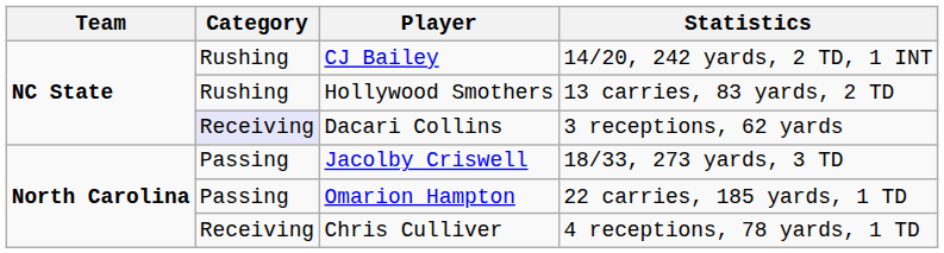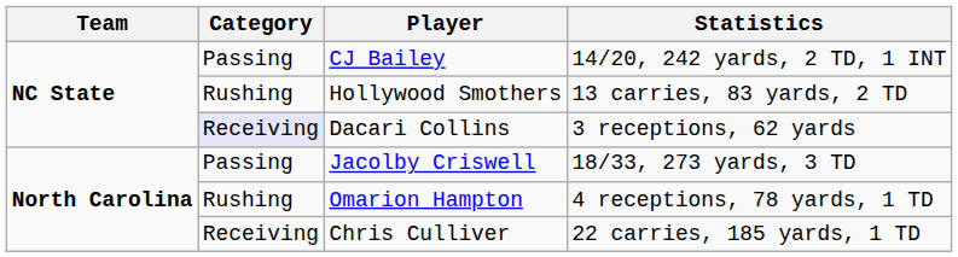 <table class="wikitable" style="float: right;">
 <tr>
 <th>Team</th>
 <th>Category</th>
 <th>Player</th>
 <th>Statistics</th>
 </tr>
 <tr>
 <td rowspan=3><strong>NC State</strong></td>
-<td>Rushing</td>
+<td>Passing</td>
 <td><a href='#'>CJ Bailey</a></td>
 <td>14/20, 242 yards, 2 TD, 1 INT</td>
 </tr>
 <tr>
 <td>Rushing</td>
 <td>Hollywood Smothers</td>
 <td>13 carries, 83 yards, 2 TD</td>
 </tr>
 <tr>
 <td style="background: lavender;">Receiving</td>
 <td>Dacari Collins</td>
 <td>3 receptions, 62 yards</td>
 </tr>
 <tr>
 <td rowspan=3><strong>North Carolina</strong></td>
 <td>Passing</td>
 <td><a href='#'>Jacolby Criswell</a></td>
 <td>18/33, 273 yards, 3 TD</td>
 </tr>
 <tr>
-<td>Passing</td>
+<td>Rushing</td>
 <td><a href='#'>Omarion Hampton</a></td>
-<td>22 carries, 185 yards, 1 TD</td>
+<td>4 receptions, 78 yards, 1 TD</td>
 </tr>
 <tr>
 <td>Receiving</td>
 <td>Chris Culliver</td>
-<td>4 receptions, 78 yards, 1 TD</td>
+<td>22 carries, 185 yards, 1 TD</td>
 </tr>
 </table>
